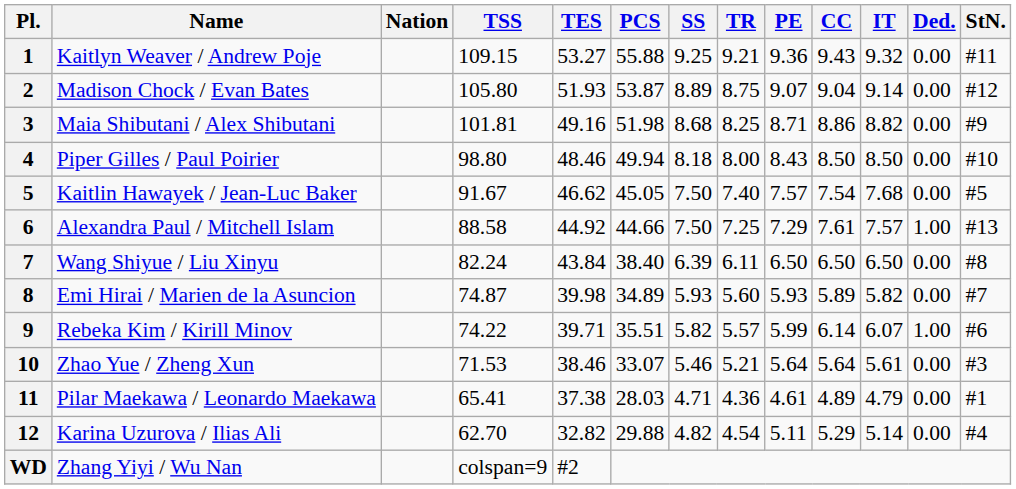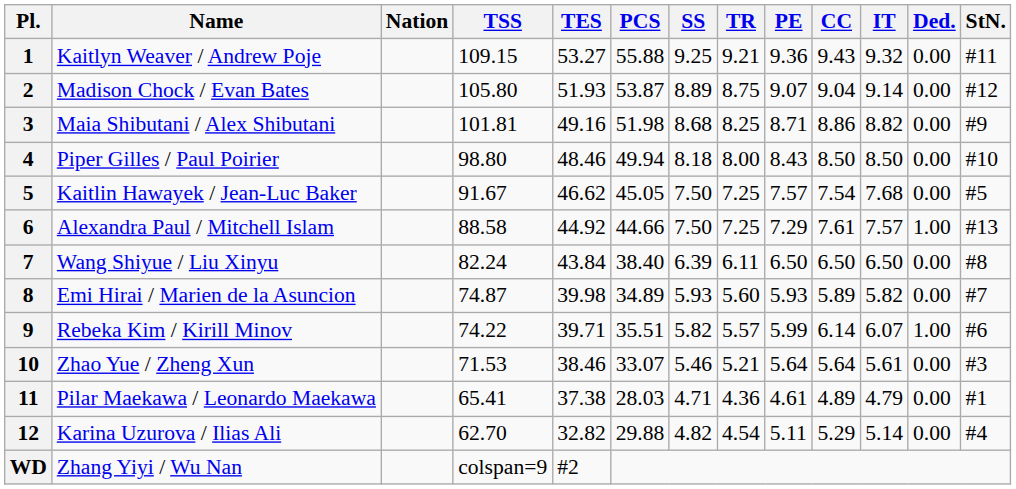 <table class="wikitable sortable">
 <tr>
 <th>Pl.</th>
 <th>Name</th>
 <th>Nation</th>
 <th><a href='#'>TSS</a></th>
 <th><a href='#'>TES</a></th>
 <th><a href='#'>PCS</a></th>
 <th><a href='#'>SS</a></th>
 <th><a href='#'>TR</a></th>
 <th><a href='#'>PE</a></th>
 <th><a href='#'>CC</a></th>
 <th><a href='#'>IT</a></th>
 <th><a href='#'>Ded.</a></th>
 <th>StN.</th>
 </tr>
 <tr>
 <th>1</th>
 <td><a href='#'>Kaitlyn Weaver</a> / <a href='#'>Andrew Poje</a></td>
 <td></td>
 <td>109.15</td>
 <td>53.27</td>
 <td>55.88</td>
 <td>9.25</td>
 <td>9.21</td>
 <td>9.36</td>
 <td>9.43</td>
 <td>9.32</td>
 <td>0.00</td>
 <td>#11</td>
 </tr>
 <tr>
 <th>2</th>
 <td><a href='#'>Madison Chock</a> / <a href='#'>Evan Bates</a></td>
 <td></td>
 <td>105.80</td>
 <td>51.93</td>
 <td>53.87</td>
 <td>8.89</td>
 <td>8.75</td>
 <td>9.07</td>
 <td>9.04</td>
 <td>9.14</td>
 <td>0.00</td>
 <td>#12</td>
 </tr>
 <tr>
 <th>3</th>
 <td><a href='#'>Maia Shibutani</a> / <a href='#'>Alex Shibutani</a></td>
 <td></td>
 <td>101.81</td>
 <td>49.16</td>
 <td>51.98</td>
 <td>8.68</td>
 <td>8.25</td>
 <td>8.71</td>
 <td>8.86</td>
 <td>8.82</td>
 <td>0.00</td>
 <td>#9</td>
 </tr>
 <tr>
 <th>4</th>
 <td><a href='#'>Piper Gilles</a> / <a href='#'>Paul Poirier</a></td>
 <td></td>
 <td>98.80</td>
 <td>48.46</td>
 <td>49.94</td>
 <td>8.18</td>
 <td>8.00</td>
 <td>8.43</td>
 <td>8.50</td>
 <td>8.50</td>
 <td>0.00</td>
 <td>#10</td>
 </tr>
 <tr>
 <th>5</th>
 <td><a href='#'>Kaitlin Hawayek</a> / <a href='#'>Jean-Luc Baker</a></td>
 <td></td>
 <td>91.67</td>
 <td>46.62</td>
 <td>45.05</td>
 <td>7.50</td>
-<td>7.40</td>
+<td>7.25</td>
 <td>7.57</td>
 <td>7.54</td>
 <td>7.68</td>
 <td>0.00</td>
 <td>#5</td>
 </tr>
 <tr>
 <th>6</th>
 <td><a href='#'>Alexandra Paul</a> / <a href='#'>Mitchell Islam</a></td>
 <td></td>
 <td>88.58</td>
 <td>44.92</td>
 <td>44.66</td>
 <td>7.50</td>
 <td>7.25</td>
 <td>7.29</td>
 <td>7.61</td>
 <td>7.57</td>
 <td>1.00</td>
 <td>#13</td>
 </tr>
 <tr>
 <th>7</th>
 <td><a href='#'>Wang Shiyue</a> / <a href='#'>Liu Xinyu</a></td>
 <td></td>
 <td>82.24</td>
 <td>43.84</td>
 <td>38.40</td>
 <td>6.39</td>
 <td>6.11</td>
 <td>6.50</td>
 <td>6.50</td>
 <td>6.50</td>
 <td>0.00</td>
 <td>#8</td>
 </tr>
 <tr>
 <th>8</th>
 <td><a href='#'>Emi Hirai</a> / <a href='#'>Marien de la Asuncion</a></td>
 <td></td>
 <td>74.87</td>
 <td>39.98</td>
 <td>34.89</td>
 <td>5.93</td>
 <td>5.60</td>
 <td>5.93</td>
 <td>5.89</td>
 <td>5.82</td>
 <td>0.00</td>
 <td>#7</td>
 </tr>
 <tr>
 <th>9</th>
 <td><a href='#'>Rebeka Kim</a> / <a href='#'>Kirill Minov</a></td>
 <td></td>
 <td>74.22</td>
 <td>39.71</td>
 <td>35.51</td>
 <td>5.82</td>
 <td>5.57</td>
 <td>5.99</td>
 <td>6.14</td>
 <td>6.07</td>
 <td>1.00</td>
 <td>#6</td>
 </tr>
 <tr>
 <th>10</th>
 <td><a href='#'>Zhao Yue</a> / <a href='#'>Zheng Xun</a></td>
 <td></td>
 <td>71.53</td>
 <td>38.46</td>
 <td>33.07</td>
 <td>5.46</td>
 <td>5.21</td>
 <td>5.64</td>
 <td>5.64</td>
 <td>5.61</td>
 <td>0.00</td>
 <td>#3</td>
 </tr>
 <tr>
 <th>11</th>
 <td><a href='#'>Pilar Maekawa</a> / <a href='#'>Leonardo Maekawa</a></td>
 <td></td>
 <td>65.41</td>
 <td>37.38</td>
 <td>28.03</td>
 <td>4.71</td>
 <td>4.36</td>
 <td>4.61</td>
 <td>4.89</td>
 <td>4.79</td>
 <td>0.00</td>
 <td>#1</td>
 </tr>
 <tr>
 <th>12</th>
 <td><a href='#'>Karina Uzurova</a> / <a href='#'>Ilias Ali</a></td>
 <td></td>
 <td>62.70</td>
 <td>32.82</td>
 <td>29.88</td>
 <td>4.82</td>
 <td>4.54</td>
 <td>5.11</td>
 <td>5.29</td>
 <td>5.14</td>
 <td>0.00</td>
 <td>#4</td>
 </tr>
 <tr>
 <th>WD</th>
 <td><a href='#'>Zhang Yiyi</a> / <a href='#'>Wu Nan</a></td>
 <td></td>
 <td>colspan=9 </td>
 <td>#2</td>
 </tr>
 </table>
